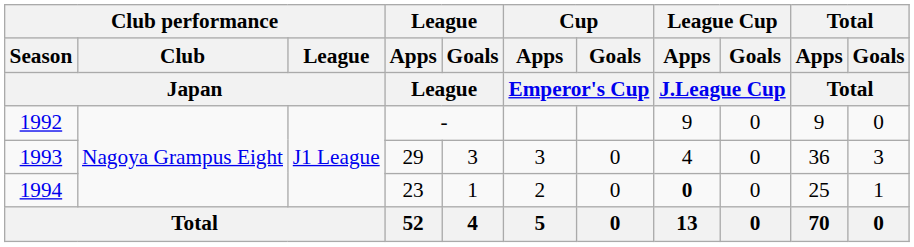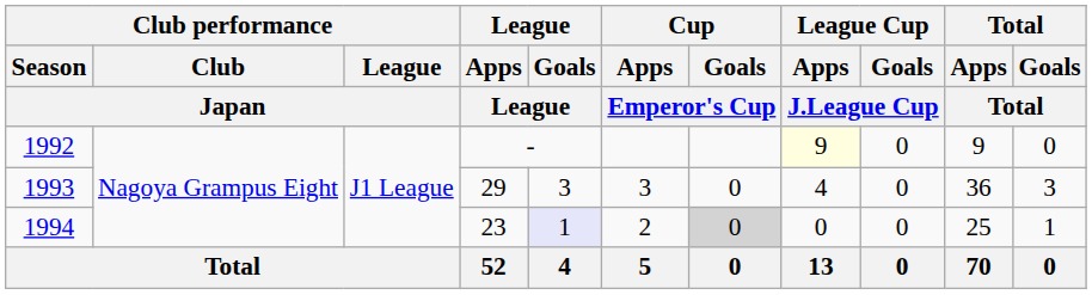 <table class="wikitable" style="text-align:center;">
 <tr>
 <th colspan=3>Club performance</th>
 <th colspan=2>League</th>
 <th colspan=2>Cup</th>
 <th colspan=2>League Cup</th>
 <th colspan=2>Total</th>
 </tr>
 <tr>
 <th>Season</th>
 <th>Club</th>
 <th>League</th>
 <th>Apps</th>
 <th>Goals</th>
 <th>Apps</th>
 <th>Goals</th>
 <th>Apps</th>
 <th>Goals</th>
 <th>Apps</th>
 <th>Goals</th>
 </tr>
 <tr>
 <th colspan=3>Japan</th>
 <th colspan=2>League</th>
 <th colspan=2><a href='#'>Emperor's Cup</a></th>
 <th colspan=2><a href='#'>J.League Cup</a></th>
 <th colspan=2>Total</th>
 </tr>
 <tr>
 <td><a href='#'>1992</a></td>
 <td rowspan="3"><a href='#'>Nagoya Grampus Eight</a></td>
 <td rowspan="3"><a href='#'>J1 League</a></td>
 <td colspan="2">-</td>
 <td></td>
 <td></td>
-<td>9</td>
+<td style="background: lightyellow;">9</td>
 <td>0</td>
 <td>9</td>
 <td>0</td>
 </tr>
 <tr>
 <td><a href='#'>1993</a></td>
 <td>29</td>
 <td>3</td>
 <td>3</td>
 <td>0</td>
 <td>4</td>
 <td>0</td>
 <td>36</td>
 <td>3</td>
 </tr>
 <tr>
 <td><a href='#'>1994</a></td>
 <td>23</td>
-<td>1</td>
+<td style="background: lavender;">1</td>
 <td>2</td>
+<td style="background: lightgrey;">0</td>
 <td>0</td>
-<td><strong>0</strong></td>
 <td>0</td>
 <td>25</td>
 <td>1</td>
 </tr>
 <tr>
 <th colspan=3>Total</th>
 <th>52</th>
 <th>4</th>
 <th>5</th>
 <th>0</th>
 <th>13</th>
 <th>0</th>
 <th>70</th>
 <th>0</th>
 </tr>
 </table>
